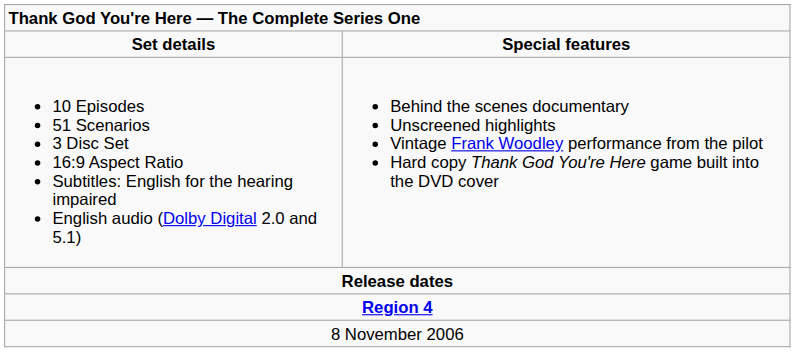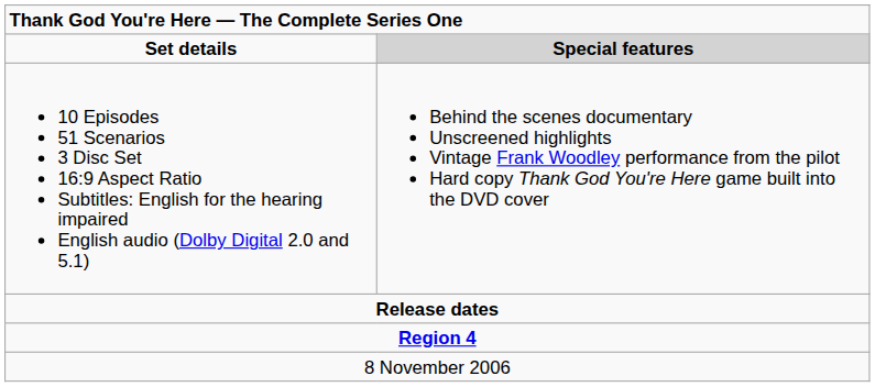 <table class="wikitable" style="font-size: 95%;">
 <tr>
 <td colspan="3"><strong>Thank God You're Here — The Complete Series One</strong></td>
 </tr>
 <tr style="text-align:center;">
 <td style="width:300px; "><strong>Set details</strong></td>
-<td style="width:400px; "><strong>Special features</strong></td>
+<td style="background: lightgrey; width:400px; "><strong>Special features</strong></td>
 </tr>
 <tr valign="top">
 <td style="text-align:left; width:300px;"><br><ul><li>10 Episodes</li><li>51 Scenarios</li><li>3 Disc Set</li><li>16:9 Aspect Ratio</li><li>Subtitles: English for the hearing impaired</li><li>English audio (<a href='#'>Dolby Digital</a> 2.0 and 5.1)</li></ul></td>
 <td style="text-align:left; width:400px;"><br><ul><li>Behind the scenes documentary</li><li>Unscreened highlights</li><li>Vintage <a href='#'>Frank Woodley</a> performance from the pilot</li><li>Hard copy <em>Thank God You're Here</em> game built into the DVD cover</li></ul></td>
 </tr>
 <tr>
 <td colspan="3" style="text-align:center;"><strong>Release dates</strong></td>
 </tr>
 <tr>
 <td colspan="3" style="text-align:center;"><strong><a href='#'>Region 4</a></strong></td>
 </tr>
 <tr>
 <td colspan="3" style="text-align:center;">8 November 2006</td>
 </tr>
 </table>
